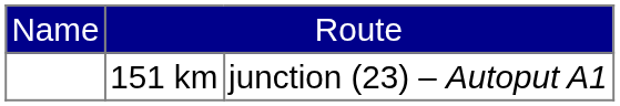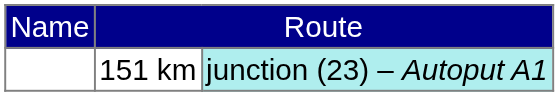 <table border=1 cellpadding=2 style="margin-left:1em; margin-bottom: 1em; color: black; border-collapse: collapse; font-size: 95%;">
 <tr align="center" bgcolor="00008B" style="color: white;">
 <td>Name</td>
 <td colspan=2>Route</td>
 </tr>
 <tr>
 <td></td>
 <td align="right">151 km</td>
-<td> junction  (23) –   <em>Autoput A1</em></td>
+<td style="background: paleturquoise;"> junction  (23) –   <em>Autoput A1</em></td>
 </tr>
 </table>
